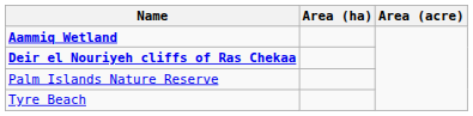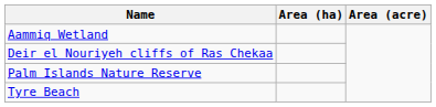 <table class="wikitable sortable">
 <tr>
 <th scope="col" align=left>Name</th>
 <th scope="col">Area (ha)</th>
 <th scope="col">Area (acre)</th>
 </tr>
 <tr ---->
-<td><strong><a href='#'>Aammiq Wetland</a></strong></td>
+<td><a href='#'>Aammiq Wetland</a></td>
 <td></td>
 </tr>
 <tr ---->
-<td><strong><a href='#'>Deir el Nouriyeh cliffs of Ras Chekaa</a></strong></td>
+<td><a href='#'>Deir el Nouriyeh cliffs of Ras Chekaa</a></td>
 <td></td>
 </tr>
 <tr ---->
 <td><a href='#'>Palm Islands Nature Reserve</a></td>
 <td></td>
 </tr>
 <tr ---->
 <td><a href='#'>Tyre Beach</a></td>
 <td></td>
 </tr>
 </table>
